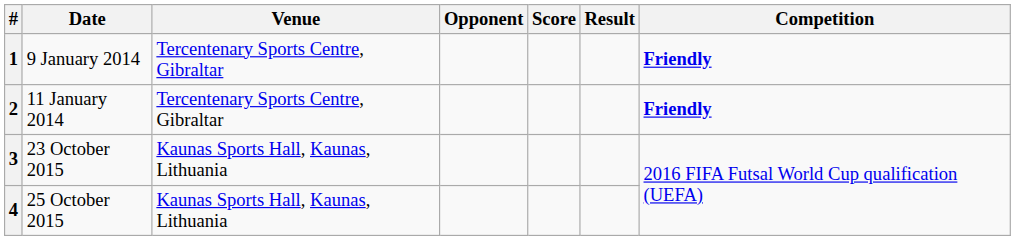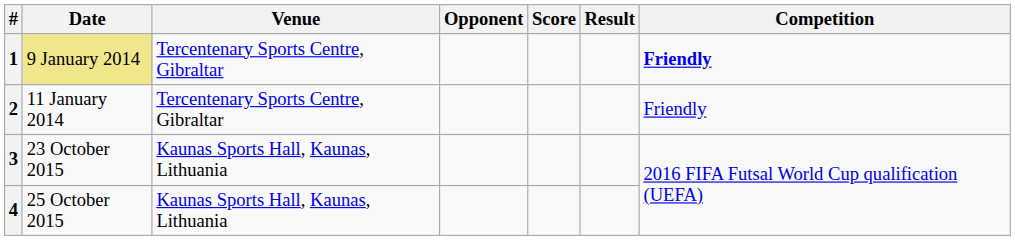 <table class="wikitable sortable plainrowheaders">
 <tr>
 <th>#</th>
 <th>Date</th>
 <th>Venue</th>
 <th>Opponent</th>
 <th>Score</th>
 <th>Result</th>
 <th>Competition</th>
 </tr>
 <tr>
 <th scope="row">1</th>
-<td>9 January 2014</td>
+<td style="background: khaki;">9 January 2014</td>
 <td><a href='#'>Tercentenary Sports Centre</a>, <a href='#'>Gibraltar</a></td>
 <td></td>
 <td></td>
 <td></td>
 <td><strong><a href='#'>Friendly</a></strong></td>
 </tr>
 <tr>
 <th scope="row">2</th>
 <td>11 January 2014</td>
 <td><a href='#'>Tercentenary Sports Centre</a>, Gibraltar</td>
 <td></td>
 <td></td>
 <td></td>
-<td><strong><a href='#'>Friendly</a></strong></td>
+<td><a href='#'>Friendly</a></td>
 </tr>
 <tr>
 <th scope="row">3</th>
 <td>23 October 2015</td>
 <td><a href='#'>Kaunas Sports Hall</a>, <a href='#'>Kaunas</a>, Lithuania</td>
 <td></td>
 <td></td>
 <td></td>
 <td rowspan="2"><a href='#'>2016 FIFA Futsal World Cup qualification (UEFA)</a></td>
 </tr>
 <tr>
 <th scope="row">4</th>
 <td>25 October 2015</td>
 <td><a href='#'>Kaunas Sports Hall</a>, <a href='#'>Kaunas</a>, Lithuania</td>
 <td></td>
 <td></td>
 <td></td>
 </tr>
 </table>
